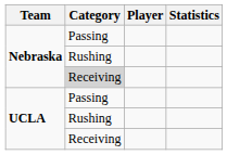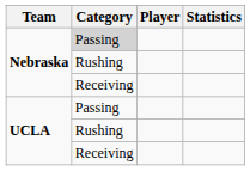 <table class="wikitable" style="float: right;">
 <tr>
 <th>Team</th>
 <th>Category</th>
 <th>Player</th>
 <th>Statistics</th>
 </tr>
 <tr>
 <td rowspan=3><strong>Nebraska</strong></td>
-<td>Passing</td>
+<td style="background: lightgrey;">Passing</td>
 <td></td>
 <td></td>
 </tr>
 <tr>
 <td>Rushing</td>
 <td></td>
 <td></td>
 </tr>
 <tr>
-<td style="background: lightgrey;">Receiving</td>
+<td>Receiving</td>
 <td></td>
 <td></td>
 </tr>
 <tr>
 <td rowspan=3><strong>UCLA</strong></td>
 <td>Passing</td>
 <td></td>
 <td></td>
 </tr>
 <tr>
 <td>Rushing</td>
 <td></td>
 <td></td>
 </tr>
 <tr>
 <td>Receiving</td>
 <td></td>
 <td></td>
 </tr>
 </table>
